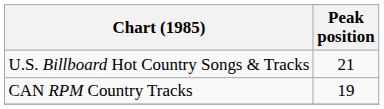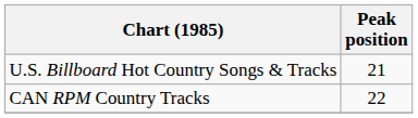 <table class="wikitable sortable">
 <tr>
 <th align="left">Chart (1985)</th>
 <th align="center">Peak<br>position</th>
 </tr>
 <tr>
 <td align="left">U.S. <em>Billboard</em> Hot Country Songs & Tracks</td>
 <td align="center">21</td>
 </tr>
 <tr>
 <td align="left">CAN <em>RPM</em> Country Tracks</td>
-<td align="center">19</td>
+<td align="center">22</td>
 </tr>
 <tr>
 </tr>
 </table>
